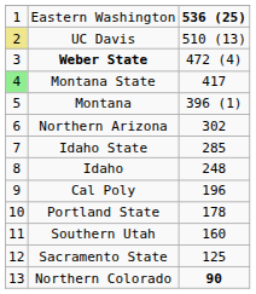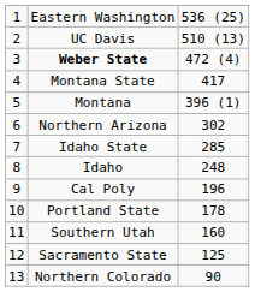 <table class="wikitable" style="display: inline-table;">
 <tr align="center">
 </tr>
 <tr align="center">
 <td>1</td>
 <td>Eastern Washington</td>
-<td><strong>536 (25)</strong></td>
+<td>536 (25)</td>
 </tr>
 <tr align="center">
-<td style="background: khaki;">2</td>
+<td>2</td>
 <td>UC Davis</td>
 <td>510 (13)</td>
 </tr>
 <tr align="center">
 <td>3</td>
 <td><strong>Weber State</strong></td>
 <td>472 (4)</td>
 </tr>
 <tr align="center">
-<td style="background: lightgreen;">4</td>
+<td>4</td>
 <td>Montana State</td>
 <td>417</td>
 </tr>
 <tr align="center">
 <td>5</td>
 <td>Montana</td>
 <td>396 (1)</td>
 </tr>
 <tr align="center">
 <td>6</td>
 <td>Northern Arizona</td>
 <td>302</td>
 </tr>
 <tr align="center">
 <td>7</td>
 <td>Idaho State</td>
 <td>285</td>
 </tr>
 <tr align="center">
 <td>8</td>
 <td>Idaho</td>
 <td>248</td>
 </tr>
 <tr align="center">
 <td>9</td>
 <td>Cal Poly</td>
 <td>196</td>
 </tr>
 <tr align="center">
 <td>10</td>
 <td>Portland State</td>
 <td>178</td>
 </tr>
 <tr align="center">
 <td>11</td>
 <td>Southern Utah</td>
 <td>160</td>
 </tr>
 <tr align="center">
 <td>12</td>
 <td>Sacramento State</td>
 <td>125</td>
 </tr>
 <tr align="center">
 <td>13</td>
 <td>Northern Colorado</td>
-<td><strong>90</strong></td>
+<td>90</td>
 </tr>
 </table>
